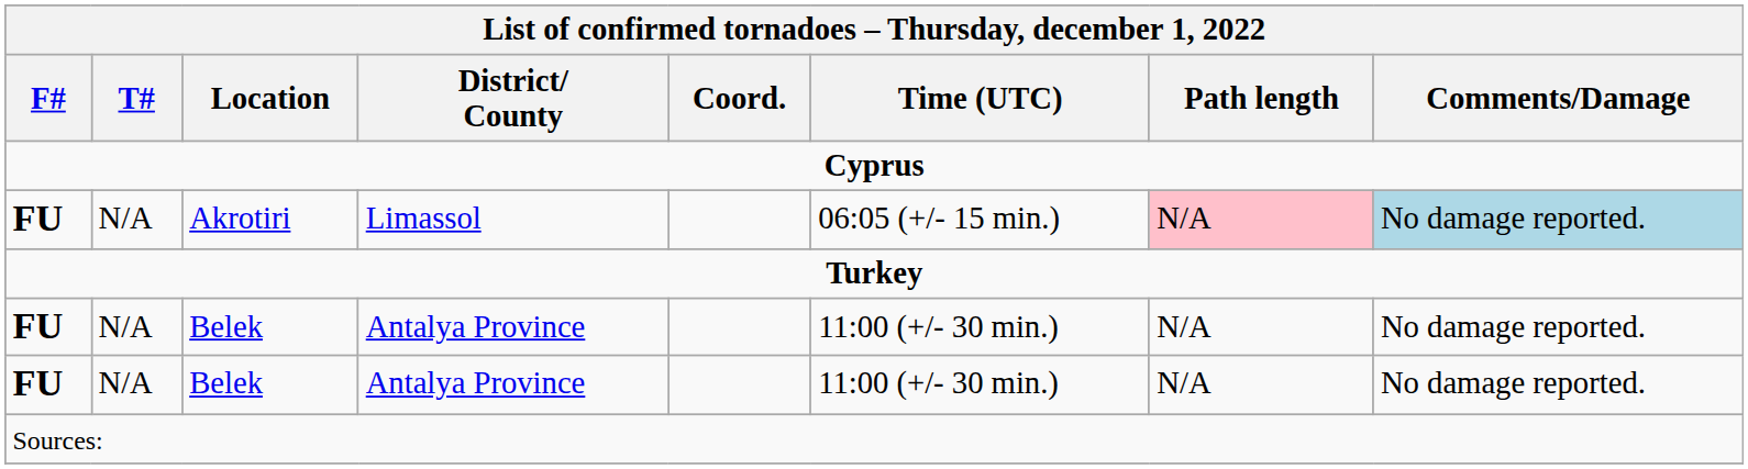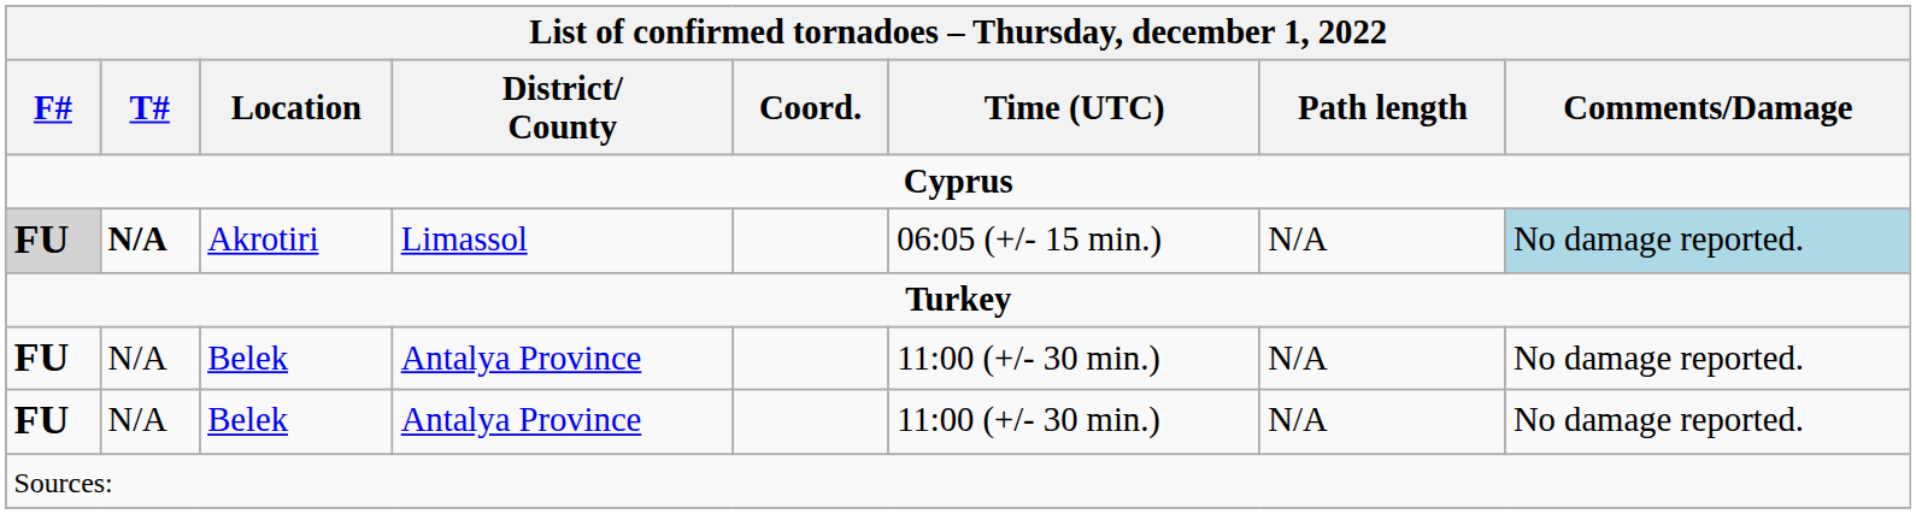 <table class="wikitable collapsible" width="100%">
 <tr>
 <th colspan="8">List of confirmed tornadoes – Thursday, december 1, 2022</th>
 </tr>
 <tr>
 <th><a href='#'>F#</a></th>
 <th><a href='#'>T#</a></th>
 <th>Location</th>
 <th>District/<br>County</th>
 <th>Coord.</th>
 <th>Time (UTC)</th>
 <th>Path length</th>
 <th>Comments/Damage</th>
 </tr>
 <tr>
 <td colspan="8" align=center><strong>Cyprus</strong></td>
 </tr>
 <tr>
-<td><big><strong>FU</strong></big></td>
-<td>N/A</td>
+<td style="background: lightgrey;"><big><strong>FU</strong></big></td>
+<td><strong>N/A</strong></td>
 <td><a href='#'>Akrotiri</a></td>
 <td><a href='#'>Limassol</a></td>
 <td></td>
 <td>06:05 (+/- 15 min.)</td>
-<td style="background: pink;">N/A</td>
+<td>N/A</td>
 <td style="background: lightblue;">No damage reported.</td>
 </tr>
 <tr>
 <td colspan="8" align=center><strong>Turkey</strong></td>
 </tr>
 <tr>
 <td><big><strong>FU</strong></big></td>
 <td>N/A</td>
 <td><a href='#'>Belek</a></td>
 <td><a href='#'>Antalya Province</a></td>
 <td></td>
 <td>11:00 (+/- 30 min.)</td>
 <td>N/A</td>
 <td>No damage reported.</td>
 </tr>
 <tr>
 <td><big><strong>FU</strong></big></td>
 <td>N/A</td>
 <td><a href='#'>Belek</a></td>
 <td><a href='#'>Antalya Province</a></td>
 <td></td>
 <td>11:00 (+/- 30 min.)</td>
 <td>N/A</td>
 <td>No damage reported.</td>
 </tr>
 <tr>
 <td colspan="8"><small>Sources:  </small></td>
 </tr>
 </table>
